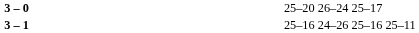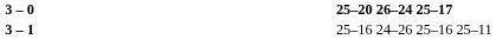 <table width=100% cellspacing=1>
 <tr>
 <th width=20%></th>
 <th width=12%></th>
 <th width=20%></th>
 <th width=33%></th>
 <td></td>
 </tr>
 <tr style=font-size:95%>
 <td align=right><strong></strong></td>
 <td align=center><strong>3 – 0</strong></td>
 <td></td>
-<td>25–20 26–24 25–17</td>
+<td><strong>25–20 26–24 25–17</strong></td>
 <td></td>
 </tr>
 <tr style=font-size:95%>
 <td align=right><strong></strong></td>
 <td align=center><strong>3 – 1</strong></td>
 <td></td>
 <td>25–16 24–26 25–16 25–11</td>
 </tr>
 </table>
